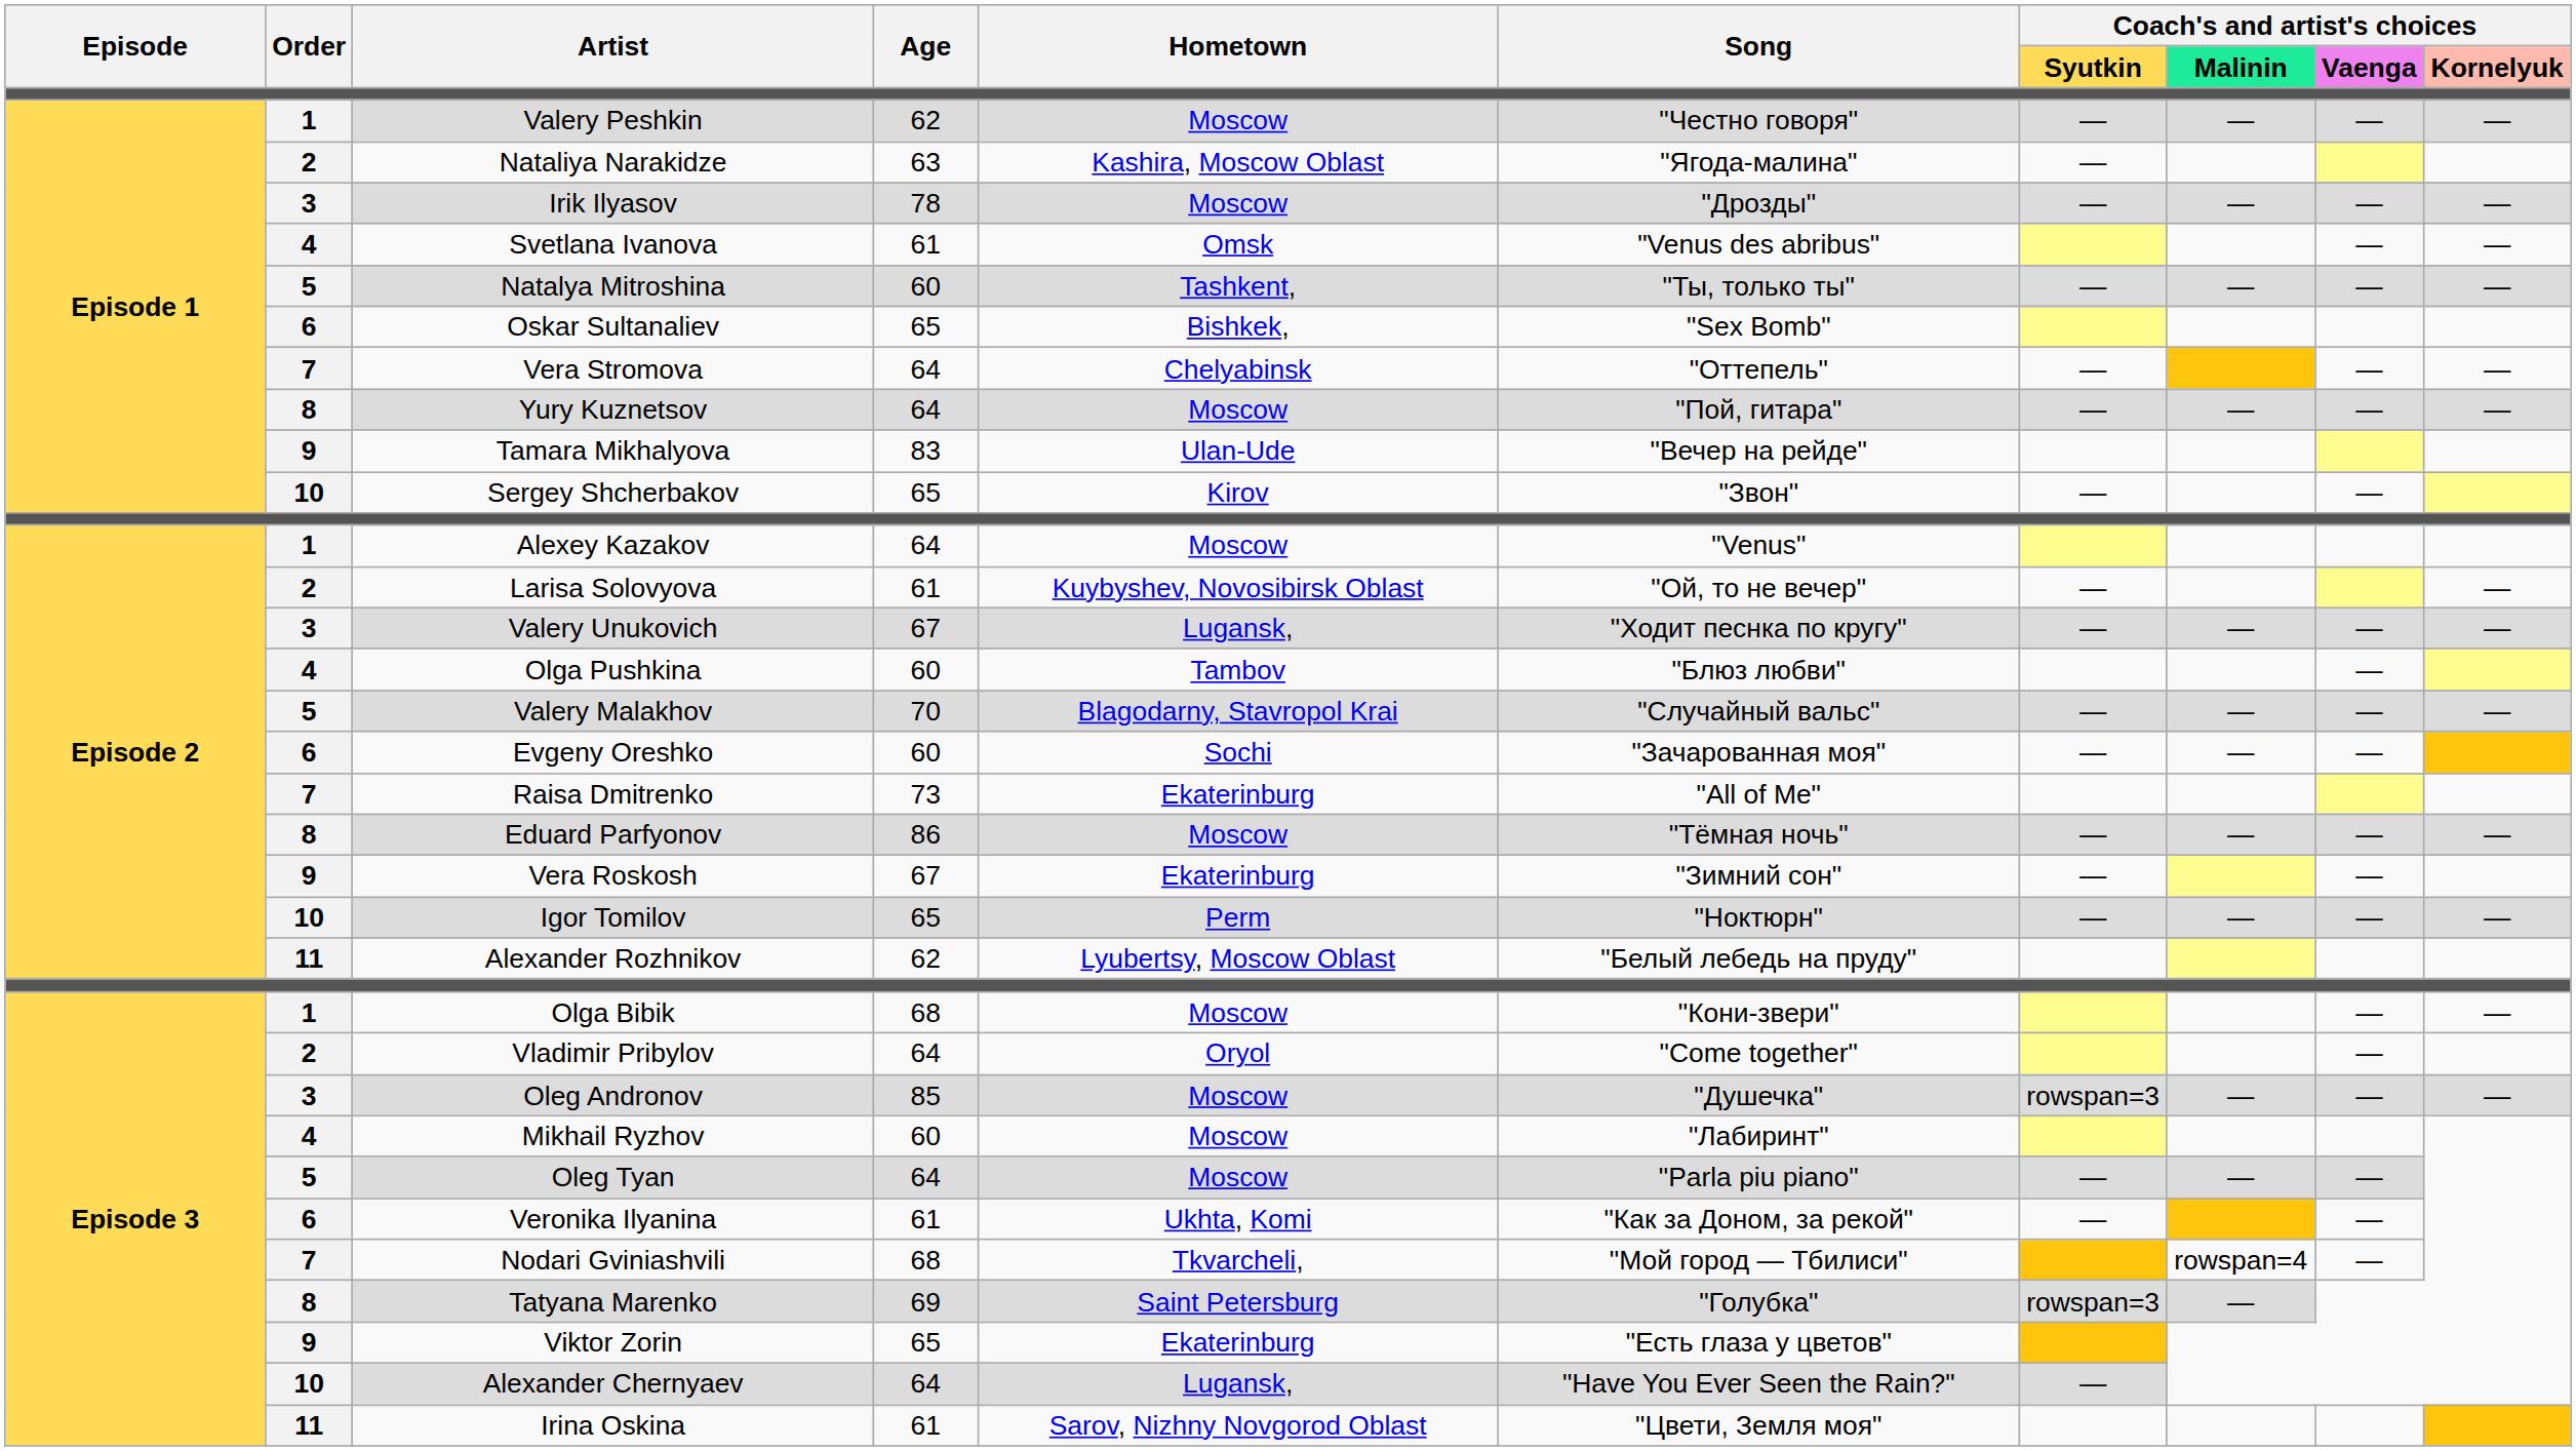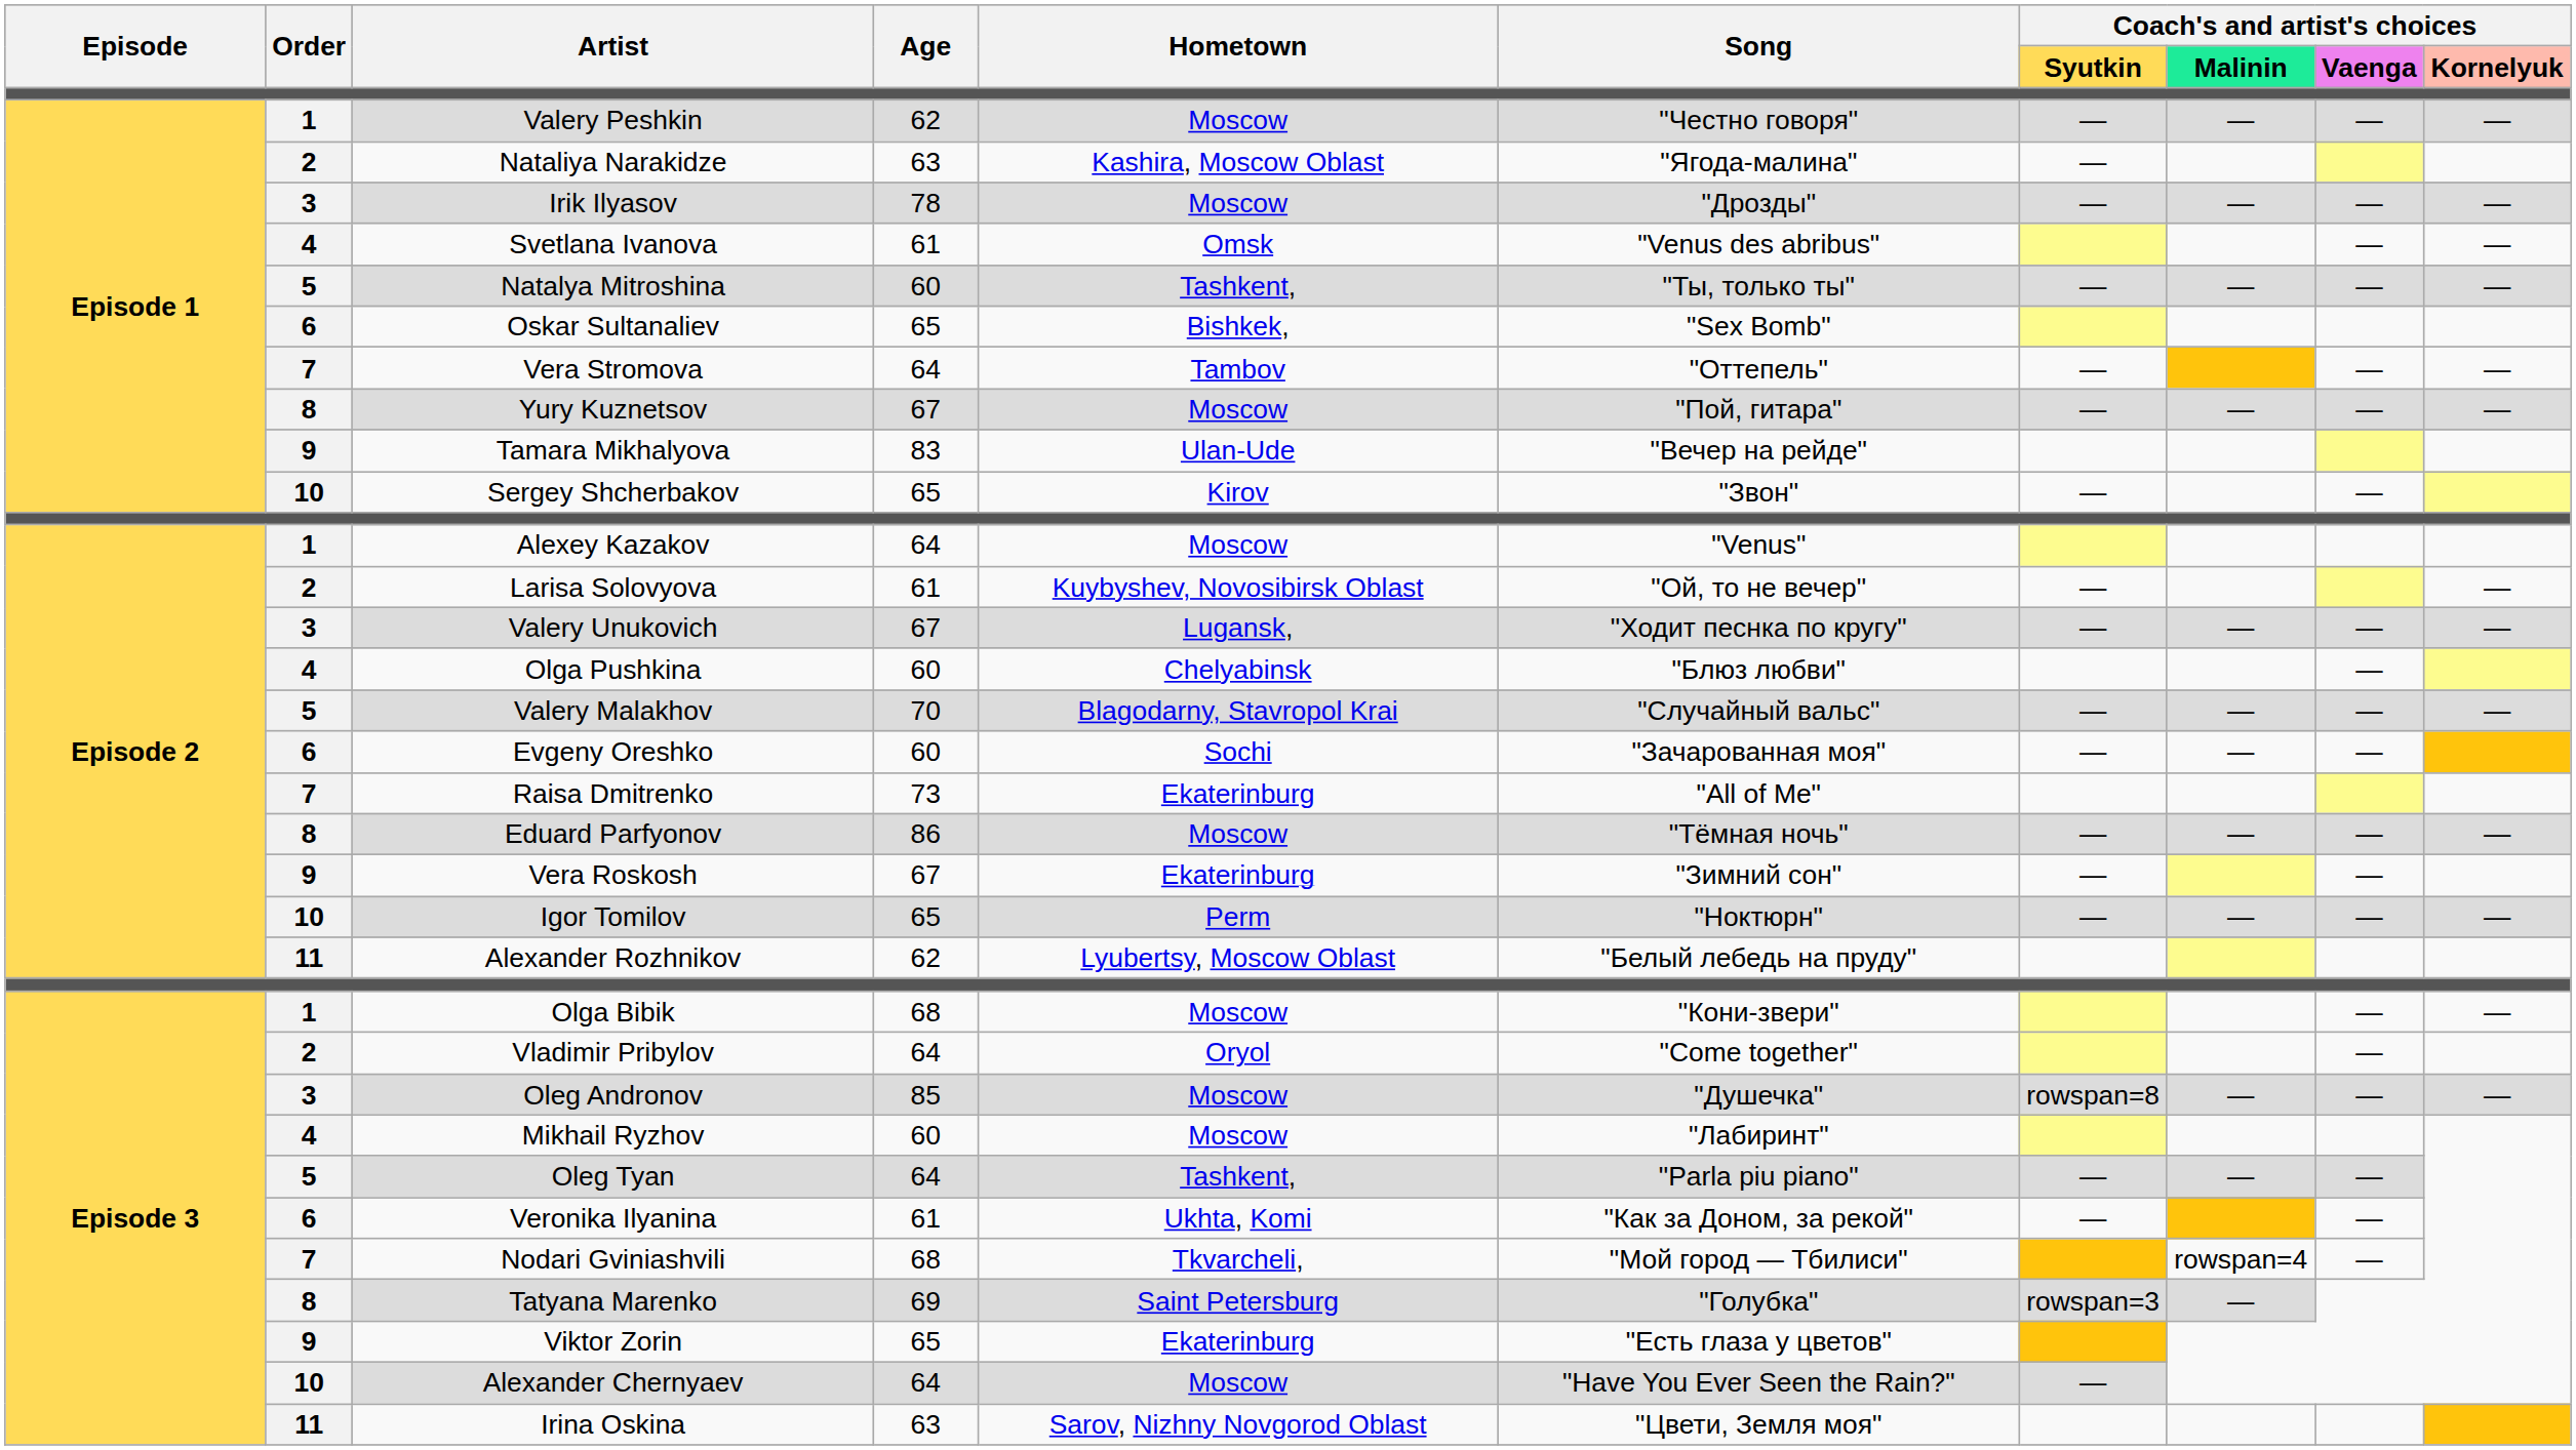 <table class="wikitable" style="text-align:center; line-height:17px; width:120%">
 <tr>
 <th rowspan="2" scope="col" style="width:10%">Episode</th>
 <th rowspan="2" scope="col" style="width:03%">Order</th>
 <th rowspan="2" scope="col" style="width:20%">Artist</th>
 <th rowspan="2" scope="col" style="width:04%">Age</th>
 <th rowspan="2" scope="col" style="width:20%">Hometown</th>
 <th rowspan="2" scope="col" style="width:20%">Song</th>
 <th colspan="4" scope="col" style="width:21%">Coach's and artist's choices</th>
 </tr>
 <tr>
 <th style="background:#ffdb58;">Syutkin</th>
 <th style="background:#1deb99;">Malinin</th>
 <th style="background:#ee82ee;">Vaenga</th>
 <th style="background:#febaad;">Kornelyuk</th>
 </tr>
 <tr>
 <td colspan="10" style="background:#555"></td>
 </tr>
 <tr>
 <td rowspan="11" style="background:#ffdb58; "><strong>Episode 1</strong> <br></td>
 </tr>
 <tr style="background-color:#DCDCDC;"|>
 <th>1</th>
 <td>Valery Peshkin</td>
 <td>62</td>
 <td><a href='#'>Moscow</a></td>
 <td>"Честно говоря"</td>
 <td>—</td>
 <td>—</td>
 <td>—</td>
 <td>—</td>
 </tr>
 <tr>
 <th>2</th>
 <td>Nataliya Narakidze</td>
 <td>63</td>
 <td><a href='#'>Kashira</a>, <a href='#'>Moscow Oblast</a></td>
 <td>"Ягода-малина"</td>
 <td>―</td>
 <td><strong></strong></td>
 <td style="background-color:#fdfc8f;"><strong></strong></td>
 <td><strong></strong></td>
 </tr>
 <tr style="background-color:#DCDCDC;"|>
 <th>3</th>
 <td>Irik Ilyasov</td>
 <td>78</td>
 <td><a href='#'>Moscow</a></td>
 <td>"Дрозды"</td>
 <td>—</td>
 <td>—</td>
 <td>—</td>
 <td>—</td>
 </tr>
 <tr>
 <th>4</th>
 <td>Svetlana Ivanova</td>
 <td>61</td>
 <td><a href='#'>Omsk</a></td>
 <td>"Venus des abribus"</td>
 <td style="background-color:#fdfc8f;"><strong></strong></td>
 <td><strong></strong></td>
 <td>—</td>
 <td>—</td>
 </tr>
 <tr style="background-color:#DCDCDC;"|>
 <th>5</th>
 <td>Natalya Mitroshina</td>
 <td>60</td>
 <td><a href='#'>Tashkent</a>, </td>
 <td>"Ты, только ты"</td>
 <td>—</td>
 <td>—</td>
 <td>—</td>
 <td>—</td>
 </tr>
 <tr>
 <th>6</th>
 <td>Oskar Sultanaliev</td>
 <td>65</td>
 <td><a href='#'>Bishkek</a>, </td>
 <td>"Sex Bomb"</td>
 <td style="background-color:#fdfc8f;"><strong></strong></td>
 <td><strong></strong></td>
 <td><strong></strong></td>
 <td><strong></strong></td>
 </tr>
 <tr>
 <th>7</th>
 <td>Vera Stromova</td>
 <td>64</td>
-<td><a href='#'>Chelyabinsk</a></td>
+<td><a href='#'>Tambov</a></td>
 <td>"Оттепель"</td>
 <td>—</td>
 <td style="background-color:#FFC40C;"><strong></strong></td>
 <td>—</td>
 <td>—</td>
 </tr>
 <tr style="background-color:#DCDCDC;"|>
 <th>8</th>
 <td>Yury Kuznetsov</td>
-<td>64</td>
+<td>67</td>
 <td><a href='#'>Moscow</a></td>
 <td>"Пой, гитара"</td>
 <td>—</td>
 <td>—</td>
 <td>—</td>
 <td>—</td>
 </tr>
 <tr>
 <th>9</th>
 <td>Tamara Mikhalyova</td>
 <td>83</td>
 <td><a href='#'>Ulan-Ude</a></td>
 <td>"Вечер на рейде"</td>
 <td><strong></strong></td>
 <td><strong></strong></td>
 <td style="background-color:#fdfc8f;"><strong></strong></td>
 <td><strong></strong></td>
 </tr>
 <tr>
 <th>10</th>
 <td>Sergey Shcherbakov</td>
 <td>65</td>
 <td><a href='#'>Kirov</a></td>
 <td>"Звон"</td>
 <td>―</td>
 <td><strong></strong></td>
 <td>―</td>
 <td style="background-color:#fdfc8f;"><strong></strong></td>
 </tr>
 <tr>
 <td colspan="10" style="background:#555"></td>
 </tr>
 <tr>
 <td rowspan="11" style="background:#ffdb58; "><strong>Episode 2</strong> <br></td>
 <th>1</th>
 <td>Alexey Kazakov</td>
 <td>64</td>
 <td><a href='#'>Moscow</a></td>
 <td>"Venus"</td>
 <td style="background-color:#fdfc8f;"><strong></strong></td>
 <td><strong></strong></td>
 <td><strong></strong></td>
 <td><strong></strong></td>
 </tr>
 <tr>
 <th>2</th>
 <td>Larisa Solovyova</td>
 <td>61</td>
 <td><a href='#'>Kuybyshev, Novosibirsk Oblast</a></td>
 <td>"Ой, то не вечер"</td>
 <td>―</td>
 <td><strong></strong></td>
 <td style="background-color:#fdfc8f;"><strong></strong></td>
 <td>―</td>
 </tr>
 <tr style="background-color:#DCDCDC;"|>
 <th>3</th>
 <td>Valery Unukovich</td>
 <td>67</td>
 <td><a href='#'>Lugansk</a>, </td>
 <td>"Ходит песнка по кругу"</td>
 <td>—</td>
 <td>—</td>
 <td>—</td>
 <td>—</td>
 </tr>
 <tr>
 <th>4</th>
 <td>Olga Pushkina</td>
 <td>60</td>
-<td><a href='#'>Tambov</a></td>
+<td><a href='#'>Chelyabinsk</a></td>
 <td>"Блюз любви"</td>
 <td><strong></strong></td>
 <td><strong></strong></td>
 <td>―</td>
 <td style="background-color:#fdfc8f;"><strong></strong></td>
 </tr>
 <tr style="background-color:#DCDCDC;"|>
 <th>5</th>
 <td>Valery Malakhov</td>
 <td>70</td>
 <td><a href='#'>Blagodarny, Stavropol Krai</a></td>
 <td>"Случайный вальс"</td>
 <td>—</td>
 <td>—</td>
 <td>—</td>
 <td>—</td>
 </tr>
 <tr>
 <th>6</th>
 <td>Evgeny Oreshko</td>
 <td>60</td>
 <td><a href='#'>Sochi</a></td>
 <td>"Зачарованная моя"</td>
 <td>—</td>
 <td>—</td>
 <td>—</td>
 <td style="background-color:#FFC40C;"><strong></strong></td>
 </tr>
 <tr>
 <th>7</th>
 <td>Raisa Dmitrenko</td>
 <td>73</td>
 <td><a href='#'>Ekaterinburg</a></td>
 <td>"All of Me"</td>
 <td><strong></strong></td>
 <td><strong></strong></td>
 <td style="background-color:#fdfc8f;"><strong></strong></td>
 <td><strong></strong></td>
 </tr>
 <tr style="background-color:#DCDCDC;"|>
 <th>8</th>
 <td>Eduard Parfyonov</td>
 <td>86</td>
 <td><a href='#'>Moscow</a></td>
 <td>"Тёмная ночь"</td>
 <td>—</td>
 <td>—</td>
 <td>—</td>
 <td>—</td>
 </tr>
 <tr>
 <th>9</th>
 <td>Vera Roskosh</td>
 <td>67</td>
 <td><a href='#'>Ekaterinburg</a></td>
 <td>"Зимний сон"</td>
 <td>―</td>
 <td style="background-color:#fdfc8f;"><strong></strong></td>
 <td>―</td>
 <td><strong></strong></td>
 </tr>
 <tr style="background-color:#DCDCDC;"|>
 <th>10</th>
 <td>Igor Tomilov</td>
 <td>65</td>
 <td><a href='#'>Perm</a></td>
 <td>"Ноктюрн"</td>
 <td>—</td>
 <td>—</td>
 <td>—</td>
 <td>—</td>
 </tr>
 <tr>
 <th>11</th>
 <td>Alexander Rozhnikov</td>
 <td>62</td>
 <td><a href='#'>Lyubertsy</a>, <a href='#'>Moscow Oblast</a></td>
 <td>"Белый лебедь на пруду"</td>
 <td><strong></strong></td>
 <td style="background-color:#fdfc8f;"><strong></strong></td>
 <td><strong></strong></td>
 <td><strong></strong></td>
 </tr>
 <tr>
 <td colspan="10" style="background:#555"></td>
 </tr>
 <tr>
 <td rowspan="11" style="background:#ffdb58; "><strong>Episode 3</strong> <br></td>
 <th>1</th>
 <td>Olga Bibik</td>
 <td>68</td>
 <td><a href='#'>Moscow</a></td>
 <td>"Кони-звери"</td>
 <td style="background-color:#fdfc8f;"><strong></strong></td>
 <td><strong></strong></td>
 <td>―</td>
 <td>―</td>
 </tr>
 <tr>
 <th>2</th>
 <td>Vladimir Pribylov</td>
 <td>64</td>
 <td><a href='#'>Oryol</a></td>
 <td>"Come together"</td>
 <td style="background-color:#fdfc8f;"><strong></strong></td>
 <td><strong></strong></td>
 <td>―</td>
 <td><strong></strong></td>
 </tr>
 <tr style="background-color:#DCDCDC;"|>
 <th>3</th>
 <td>Oleg Andronov</td>
 <td>85</td>
 <td><a href='#'>Moscow</a></td>
 <td>"Душечка"</td>
-<td>rowspan=3 </td>
+<td>rowspan=8 </td>
 <td>—</td>
 <td>—</td>
 <td>—</td>
 </tr>
 <tr>
 <th>4</th>
 <td>Mikhail Ryzhov</td>
 <td>60</td>
 <td><a href='#'>Moscow</a></td>
 <td>"Лабиринт"</td>
 <td style="background-color:#fdfc8f;"><strong></strong></td>
 <td><strong></strong></td>
 <td><strong></strong></td>
 </tr>
 <tr style="background-color:#DCDCDC;"|>
 <th>5</th>
 <td>Oleg Tyan</td>
 <td>64</td>
-<td><a href='#'>Moscow</a></td>
+<td><a href='#'>Tashkent</a>, </td>
 <td>"Parla piu piano"</td>
 <td>—</td>
 <td>—</td>
 <td>—</td>
 </tr>
 <tr>
 <th>6</th>
 <td>Veronika Ilyanina</td>
 <td>61</td>
 <td><a href='#'>Ukhta</a>, <a href='#'>Komi</a></td>
 <td>"Как за Доном, за рекой"</td>
 <td>―</td>
 <td style="background-color:#FFC40C;"><strong></strong></td>
 <td>―</td>
 </tr>
 <tr>
 <th>7</th>
 <td>Nodari Gviniashvili</td>
 <td>68</td>
 <td><a href='#'>Tkvarcheli</a>, </td>
 <td>"Мой город ― Тбилиси"</td>
 <td style="background-color:#FFC40C;"><strong></strong></td>
 <td>rowspan=4 </td>
 <td>―</td>
 </tr>
 <tr style="background-color:#DCDCDC;"|>
 <th>8</th>
 <td>Tatyana Marenko</td>
 <td>69</td>
 <td><a href='#'>Saint Petersburg</a></td>
 <td>"Голубка"</td>
 <td>rowspan=3 </td>
 <td>―</td>
 </tr>
 <tr>
 <th>9</th>
 <td>Viktor Zorin</td>
 <td>65</td>
 <td><a href='#'>Ekaterinburg</a></td>
 <td>"Есть глаза у цветов"</td>
 <td style="background-color:#FFC40C;"><strong></strong></td>
 </tr>
 <tr style="background-color:#DCDCDC;"|>
 <th>10</th>
 <td>Alexander Chernyaev</td>
 <td>64</td>
-<td><a href='#'>Lugansk</a>, </td>
+<td><a href='#'>Moscow</a></td>
 <td>"Have You Ever Seen the Rain?"</td>
 <td>―</td>
 </tr>
 <tr>
 <th>11</th>
 <td>Irina Oskina</td>
-<td>61</td>
+<td>63</td>
 <td><a href='#'>Sarov</a>, <a href='#'>Nizhny Novgorod Oblast</a></td>
 <td>"Цвети, Земля моя"</td>
 <td><strong></strong></td>
 <td><strong></strong></td>
 <td><strong></strong></td>
 <td style="background-color:#FFC40C;"><strong></strong></td>
 </tr>
 </table>
